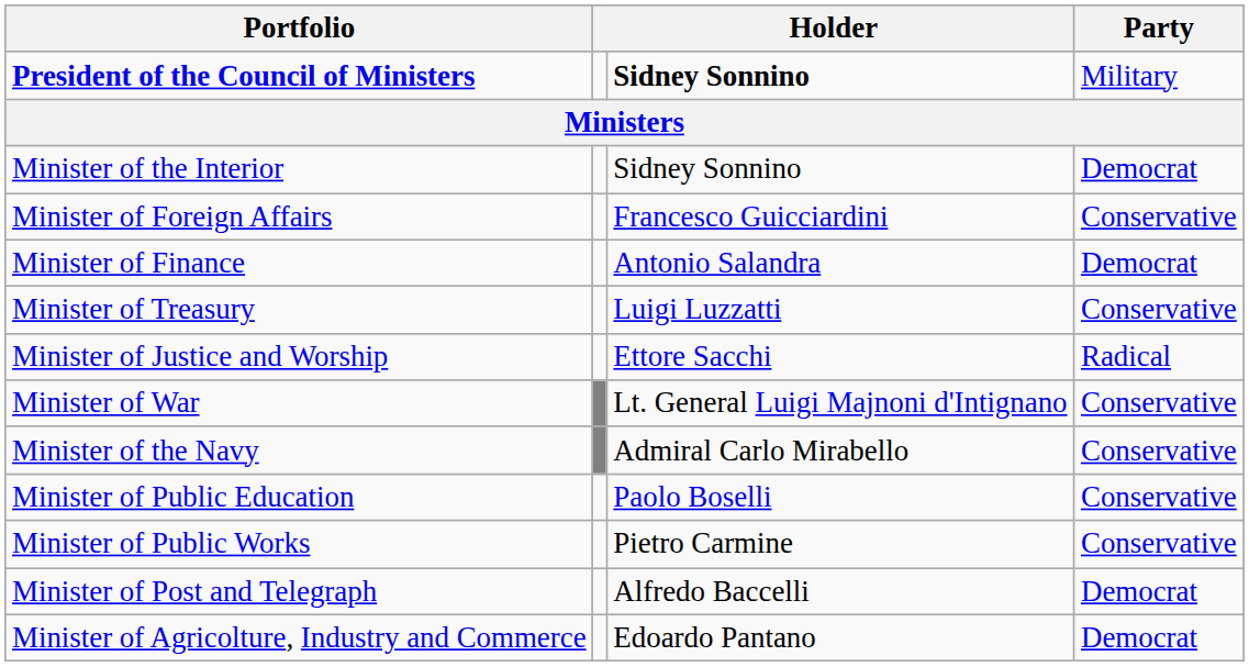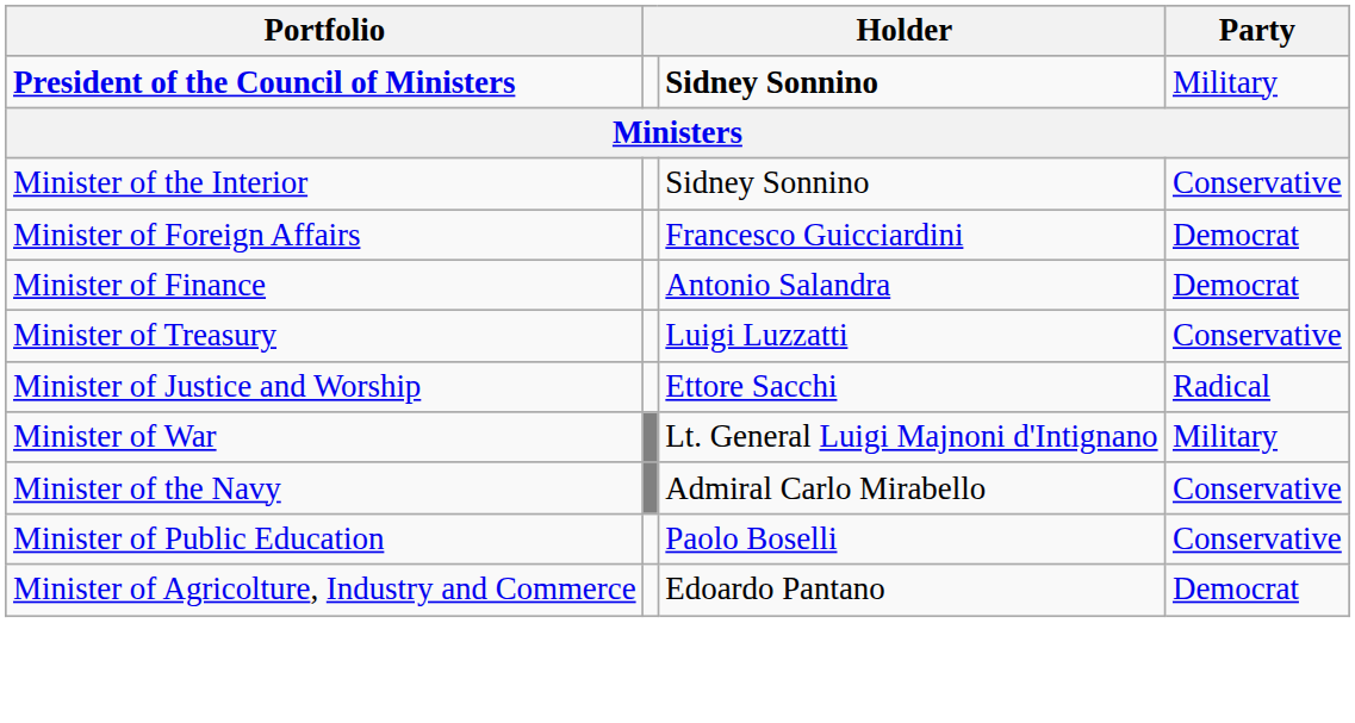 <table class="wikitable">
 <tr>
 <th>Portfolio</th>
 <th colspan=2>Holder</th>
 <th>Party</th>
 </tr>
 <tr>
 <td><strong><a href='#'>President of the Council of Ministers</a></strong></td>
 <td style="background:"></td>
 <td><strong>Sidney Sonnino</strong></td>
 <td><a href='#'>Military</a></td>
 </tr>
 <tr>
 <th colspan=4 align=center><a href='#'>Ministers</a></th>
 </tr>
 <tr>
 <td><a href='#'>Minister of the Interior</a></td>
 <td style="background:"></td>
 <td>Sidney Sonnino</td>
-<td><a href='#'>Democrat</a></td>
+<td><a href='#'>Conservative</a></td>
 </tr>
 <tr>
 <td><a href='#'>Minister of Foreign Affairs</a></td>
 <td style="background:"></td>
 <td><a href='#'>Francesco Guicciardini</a></td>
-<td><a href='#'>Conservative</a></td>
+<td><a href='#'>Democrat</a></td>
 </tr>
 <tr>
 <td><a href='#'>Minister of Finance</a></td>
 <td style="background:"></td>
 <td><a href='#'>Antonio Salandra</a></td>
 <td><a href='#'>Democrat</a></td>
 </tr>
 <tr>
 <td><a href='#'>Minister of Treasury</a></td>
 <td style="background:"></td>
 <td><a href='#'>Luigi Luzzatti</a></td>
 <td><a href='#'>Conservative</a></td>
 </tr>
 <tr>
 <td><a href='#'>Minister of Justice and Worship</a></td>
 <td style="background:"></td>
 <td><a href='#'>Ettore Sacchi</a></td>
 <td><a href='#'>Radical</a></td>
 </tr>
 <tr>
 <td><a href='#'>Minister of War</a></td>
 <td style="background:#808080;"></td>
 <td>Lt. General <a href='#'>Luigi Majnoni d'Intignano</a></td>
-<td><a href='#'>Conservative</a></td>
+<td><a href='#'>Military</a></td>
 </tr>
 <tr>
 <td><a href='#'>Minister of the Navy</a></td>
 <td style="background:#808080;"></td>
 <td>Admiral Carlo Mirabello</td>
 <td><a href='#'>Conservative</a></td>
 </tr>
 <tr>
 <td><a href='#'>Minister of Public Education</a></td>
 <td style="background:"></td>
 <td><a href='#'>Paolo Boselli</a></td>
 <td><a href='#'>Conservative</a></td>
 </tr>
 <tr>
-<td><a href='#'>Minister of Public Works</a></td>
-<td style="background:"></td>
-<td>Pietro Carmine</td>
-<td><a href='#'>Conservative</a></td>
-</tr>
-<tr>
-<td><a href='#'>Minister of Post and Telegraph</a></td>
-<td style="background:"></td>
-<td>Alfredo Baccelli</td>
-<td><a href='#'>Democrat</a></td>
-</tr>
-<tr>
 <td><a href='#'>Minister of Agricolture</a>, <a href='#'>Industry and Commerce</a></td>
 <td style="background:"></td>
 <td>Edoardo Pantano</td>
 <td><a href='#'>Democrat</a></td>
 </tr>
 </table>
